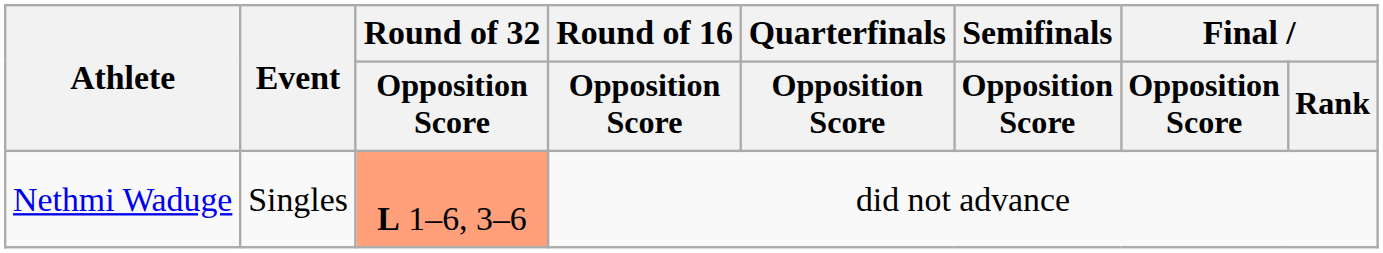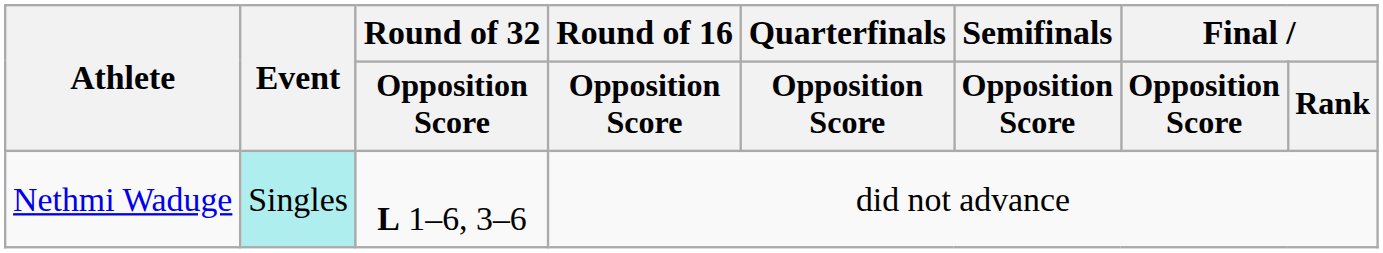 <table class=wikitable style="font-size:90%">
 <tr>
 <th rowspan="2">Athlete</th>
 <th rowspan="2">Event</th>
 <th>Round of 32</th>
 <th>Round of 16</th>
 <th>Quarterfinals</th>
 <th>Semifinals</th>
 <th colspan=2>Final / </th>
 </tr>
 <tr style="font-size:95%">
 <th>Opposition<br>Score</th>
 <th>Opposition<br>Score</th>
 <th>Opposition<br>Score</th>
 <th>Opposition<br>Score</th>
 <th>Opposition<br>Score</th>
 <th>Rank</th>
 </tr>
 <tr align=center>
 <td align=left><a href='#'>Nethmi Waduge</a></td>
-<td>Singles</td>
-<td style="background: lightsalmon;"><br><strong>L</strong> 1–6, 3–6</td>
+<td style="background: paleturquoise;">Singles</td>
+<td><br><strong>L</strong> 1–6, 3–6</td>
 <td colspan=5>did not advance</td>
 </tr>
 </table>
